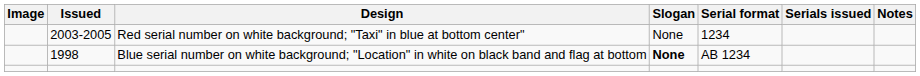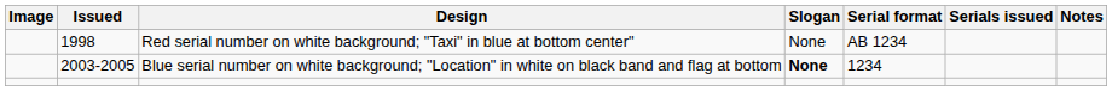 <table class="wikitable">
 <tr>
 <th>Image</th>
 <th>Issued</th>
 <th>Design</th>
 <th>Slogan</th>
 <th>Serial format</th>
 <th>Serials issued</th>
 <th>Notes</th>
 </tr>
 <tr>
 <td></td>
-<td>2003-2005</td>
+<td>1998</td>
 <td>Red serial number on white background; "Taxi" in blue at bottom center"</td>
 <td>None</td>
-<td>1234</td>
+<td>AB 1234</td>
 <td></td>
 <td></td>
 </tr>
 <tr>
 <td></td>
-<td>1998</td>
+<td>2003-2005</td>
 <td>Blue serial number on white background; "Location" in white on black band and flag at bottom</td>
 <td><strong>None</strong></td>
-<td>AB 1234</td>
+<td>1234</td>
 <td></td>
 <td></td>
 </tr>
 <tr>
 <td></td>
 <td></td>
 <td></td>
 <td></td>
 <td></td>
 <td></td>
 <td></td>
 </tr>
 </table>
